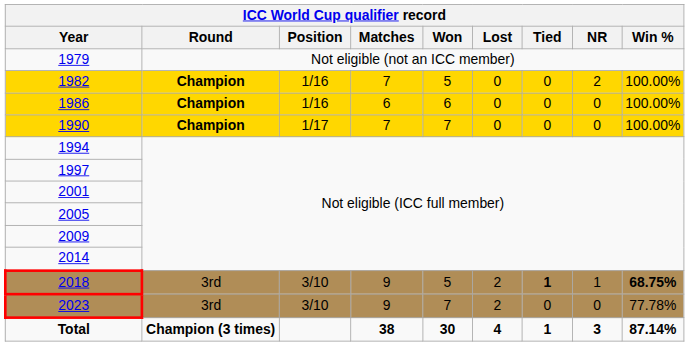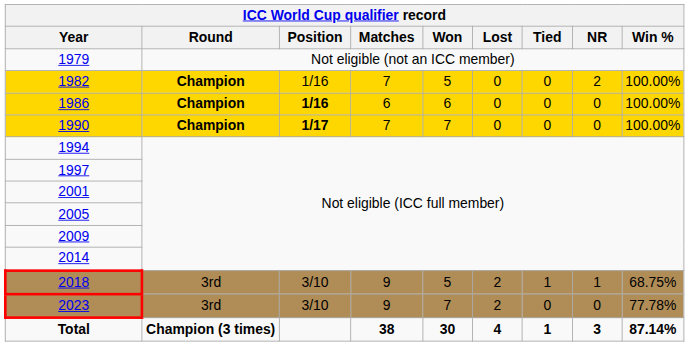 <table class="wikitable" style="text-align: center; width=900px;">
 <tr>
 <th colspan=9><a href='#'>ICC World Cup qualifier</a> record</th>
 </tr>
 <tr>
 <th width=150>Year</th>
 <th width=150>Round</th>
 <th width=75>Position</th>
 <th width=75>Matches</th>
 <th width=50>Won</th>
 <th width=50>Lost</th>
 <th width=50>Tied</th>
 <th width=50>NR</th>
 <th width=50>Win %</th>
 </tr>
 <tr>
 <td> <a href='#'>1979</a></td>
 <td colspan="8">Not eligible (not an ICC member)</td>
 </tr>
 <tr style="background:gold;">
 <td> <a href='#'>1982</a></td>
 <td><strong>Champion</strong></td>
 <td>1/16</td>
 <td>7</td>
 <td>5</td>
 <td>0</td>
 <td>0</td>
 <td>2</td>
 <td>100.00%</td>
 </tr>
 <tr style="background:gold;">
 <td> <a href='#'>1986</a></td>
 <td><strong>Champion</strong></td>
-<td>1/16</td>
+<td><strong>1/16</strong></td>
 <td>6</td>
 <td>6</td>
 <td>0</td>
 <td>0</td>
 <td>0</td>
 <td>100.00%</td>
 </tr>
 <tr style="background:gold;">
 <td> <a href='#'>1990</a></td>
 <td><strong>Champion</strong></td>
-<td>1/17</td>
+<td><strong>1/17</strong></td>
 <td>7</td>
 <td>7</td>
 <td>0</td>
 <td>0</td>
 <td>0</td>
 <td>100.00%</td>
 </tr>
 <tr>
 <td> <a href='#'>1994</a></td>
 <td rowspan="6" colspan="8">Not eligible (ICC full member)</td>
 </tr>
 <tr>
 <td> <a href='#'>1997</a></td>
 </tr>
 <tr>
 <td> <a href='#'>2001</a></td>
 </tr>
 <tr>
 <td> <a href='#'>2005</a></td>
 </tr>
 <tr>
 <td> <a href='#'>2009</a></td>
 </tr>
 <tr>
 <td> <a href='#'>2014</a></td>
 </tr>
 <tr bgcolor="#B08D57">
 <td style="border: 3px solid red"> <a href='#'>2018</a></td>
 <td>3rd</td>
 <td>3/10</td>
 <td>9</td>
 <td>5</td>
 <td>2</td>
-<td><strong>1</strong></td>
 <td>1</td>
-<td><strong>68.75%</strong></td>
+<td>1</td>
+<td>68.75%</td>
 </tr>
 <tr bgcolor="#B08D57">
 <td style="border: 3px solid red"> <a href='#'>2023</a></td>
 <td>3rd</td>
 <td>3/10</td>
 <td>9</td>
 <td>7</td>
 <td>2</td>
 <td>0</td>
 <td>0</td>
 <td>77.78%</td>
 </tr>
 <tr>
 <td><strong>Total</strong></td>
 <td><strong>Champion (3 times)</strong></td>
 <td><strong></strong></td>
 <td><strong>38</strong></td>
 <td><strong>30</strong></td>
 <td><strong>4</strong></td>
 <td><strong>1</strong></td>
 <td><strong>3</strong></td>
 <td><strong>87.14%</strong></td>
 </tr>
 </table>
